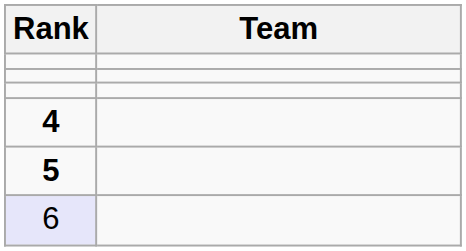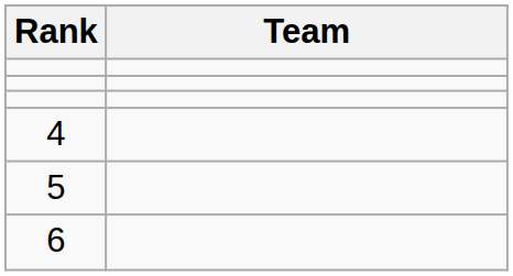 <table class="wikitable" style="text-align:center;">
 <tr>
 <th width=40>Rank</th>
 <th width=180>Team</th>
 </tr>
 <tr>
 <td></td>
 <td align=left></td>
 </tr>
 <tr>
 <td></td>
 <td align=left></td>
 </tr>
 <tr>
 <td></td>
 <td align=left></td>
 </tr>
 <tr>
-<td><strong>4</strong></td>
+<td>4</td>
 <td align=left></td>
 </tr>
 <tr>
-<td><strong>5</strong></td>
+<td>5</td>
 <td align=left></td>
 </tr>
 <tr>
-<td style="background: lavender;">6</td>
+<td>6</td>
 <td align=left></td>
 </tr>
 </table>
